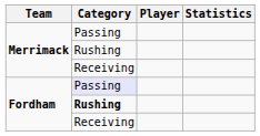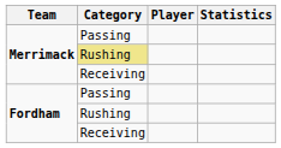 <table class="wikitable" style="float: right;">
 <tr>
 <th>Team</th>
 <th>Category</th>
 <th>Player</th>
 <th>Statistics</th>
 </tr>
 <tr>
 <td rowspan=3><strong>Merrimack</strong></td>
 <td>Passing</td>
 <td></td>
 <td></td>
 </tr>
 <tr>
-<td>Rushing</td>
+<td style="background: khaki;">Rushing</td>
 <td></td>
 <td></td>
 </tr>
 <tr>
 <td>Receiving</td>
 <td></td>
 <td></td>
 </tr>
 <tr>
 <td rowspan=3><strong>Fordham</strong></td>
-<td style="background: lavender;">Passing</td>
+<td>Passing</td>
 <td></td>
 <td></td>
 </tr>
 <tr>
-<td><strong>Rushing</strong></td>
+<td>Rushing</td>
 <td></td>
 <td></td>
 </tr>
 <tr>
 <td>Receiving</td>
 <td></td>
 <td></td>
 </tr>
 </table>
